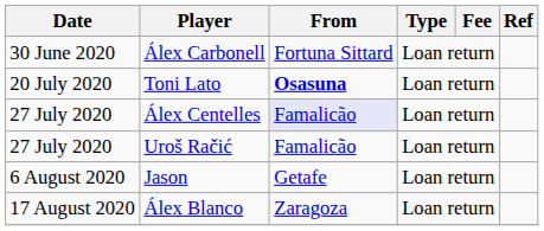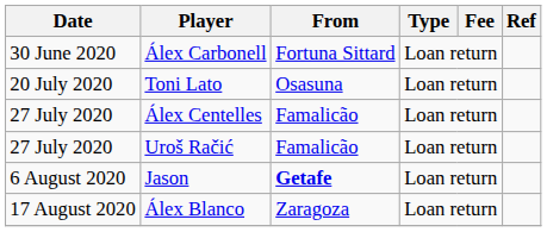 <table class="wikitable">
 <tr>
 <th>Date</th>
 <th>Player</th>
 <th>From</th>
 <th>Type</th>
 <th>Fee</th>
 <th>Ref</th>
 </tr>
 <tr>
 <td>30 June 2020</td>
 <td> <a href='#'>Álex Carbonell</a></td>
 <td> <a href='#'>Fortuna Sittard</a></td>
 <td align=center colspan=2>Loan return</td>
 <td align=center></td>
 </tr>
 <tr>
 <td>20 July 2020</td>
 <td> <a href='#'>Toni Lato</a></td>
-<td><strong><a href='#'>Osasuna</a></strong></td>
+<td><a href='#'>Osasuna</a></td>
 <td align=center colspan=2>Loan return</td>
 <td align=center></td>
 </tr>
 <tr>
 <td>27 July 2020</td>
 <td> <a href='#'>Álex Centelles</a></td>
-<td style="background: lavender;"> <a href='#'>Famalicão</a></td>
+<td> <a href='#'>Famalicão</a></td>
 <td align=center colspan=2>Loan return</td>
 <td align=center></td>
 </tr>
 <tr>
 <td>27 July 2020</td>
 <td> <a href='#'>Uroš Račić</a></td>
 <td> <a href='#'>Famalicão</a></td>
 <td align=center colspan=2>Loan return</td>
 <td align=center></td>
 </tr>
 <tr>
 <td>6 August 2020</td>
 <td> <a href='#'>Jason</a></td>
-<td><a href='#'>Getafe</a></td>
+<td><strong><a href='#'>Getafe</a></strong></td>
 <td align=center colspan=2>Loan return</td>
 <td align=center></td>
 </tr>
 <tr>
 <td>17 August 2020</td>
 <td> <a href='#'>Álex Blanco</a></td>
 <td><a href='#'>Zaragoza</a></td>
 <td align=center colspan=2>Loan return</td>
 <td align=center></td>
 </tr>
 <tr>
 </tr>
 </table>
